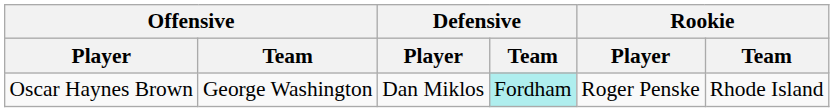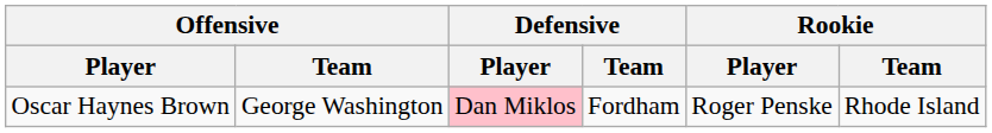 <table class="wikitable">
 <tr>
 <th colspan="2">Offensive</th>
 <th colspan="2">Defensive</th>
 <th colspan="2">Rookie</th>
 </tr>
 <tr>
 <th>Player</th>
 <th>Team</th>
 <th>Player</th>
 <th>Team</th>
 <th>Player</th>
 <th>Team</th>
 </tr>
 <tr>
 <td>Oscar Haynes Brown</td>
 <td>George Washington</td>
-<td>Dan Miklos</td>
-<td style="background: paleturquoise;">Fordham</td>
+<td style="background: pink;">Dan Miklos</td>
+<td>Fordham</td>
 <td>Roger Penske</td>
 <td>Rhode Island</td>
 </tr>
 </table>
